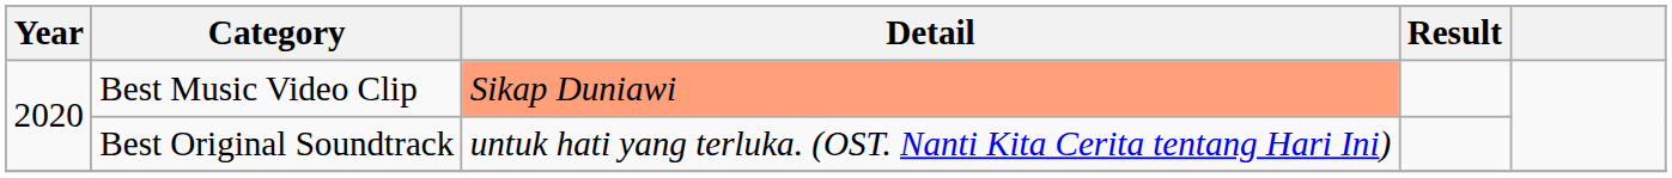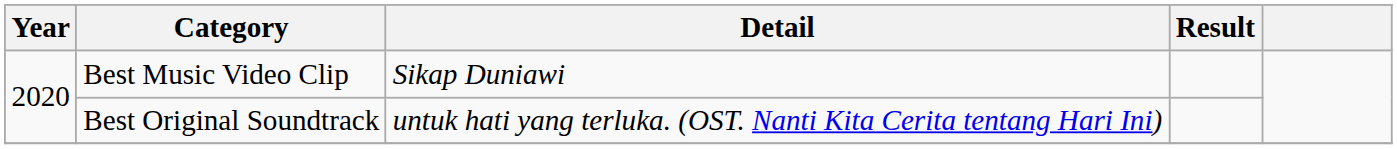 <table class="wikitable">
 <tr>
 <th>Year</th>
 <th>Category</th>
 <th>Detail</th>
 <th>Result</th>
 <th scope="col" style="width:4em;"></th>
 </tr>
 <tr>
 <td align="center" rowspan="2">2020</td>
 <td>Best Music Video Clip</td>
-<td style="background: lightsalmon;"><em>Sikap Duniawi</em></td>
+<td><em>Sikap Duniawi</em></td>
 <td></td>
 <td rowspan="2" scope="row" style="text-align:center"></td>
 </tr>
 <tr>
 <td>Best Original Soundtrack</td>
 <td><em>untuk hati yang terluka. (OST. <a href='#'>Nanti Kita Cerita tentang Hari Ini</a>)</em></td>
 <td></td>
 </tr>
 <tr>
 </tr>
 </table>
